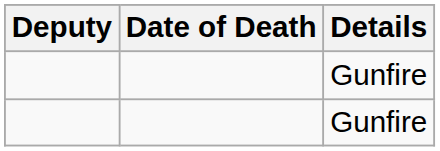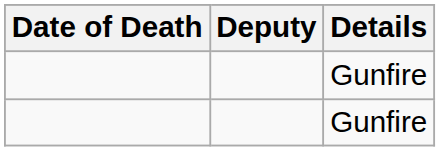 <table class="wikitable">
 <tr>
+<th>Date of Death</th>
 <th>Deputy</th>
-<th>Date of Death</th>
 <th>Details</th>
 </tr>
 <tr>
 <td></td>
 <td></td>
 <td>Gunfire</td>
 </tr>
 <tr>
 <td></td>
 <td></td>
 <td>Gunfire</td>
 </tr>
 </table>
